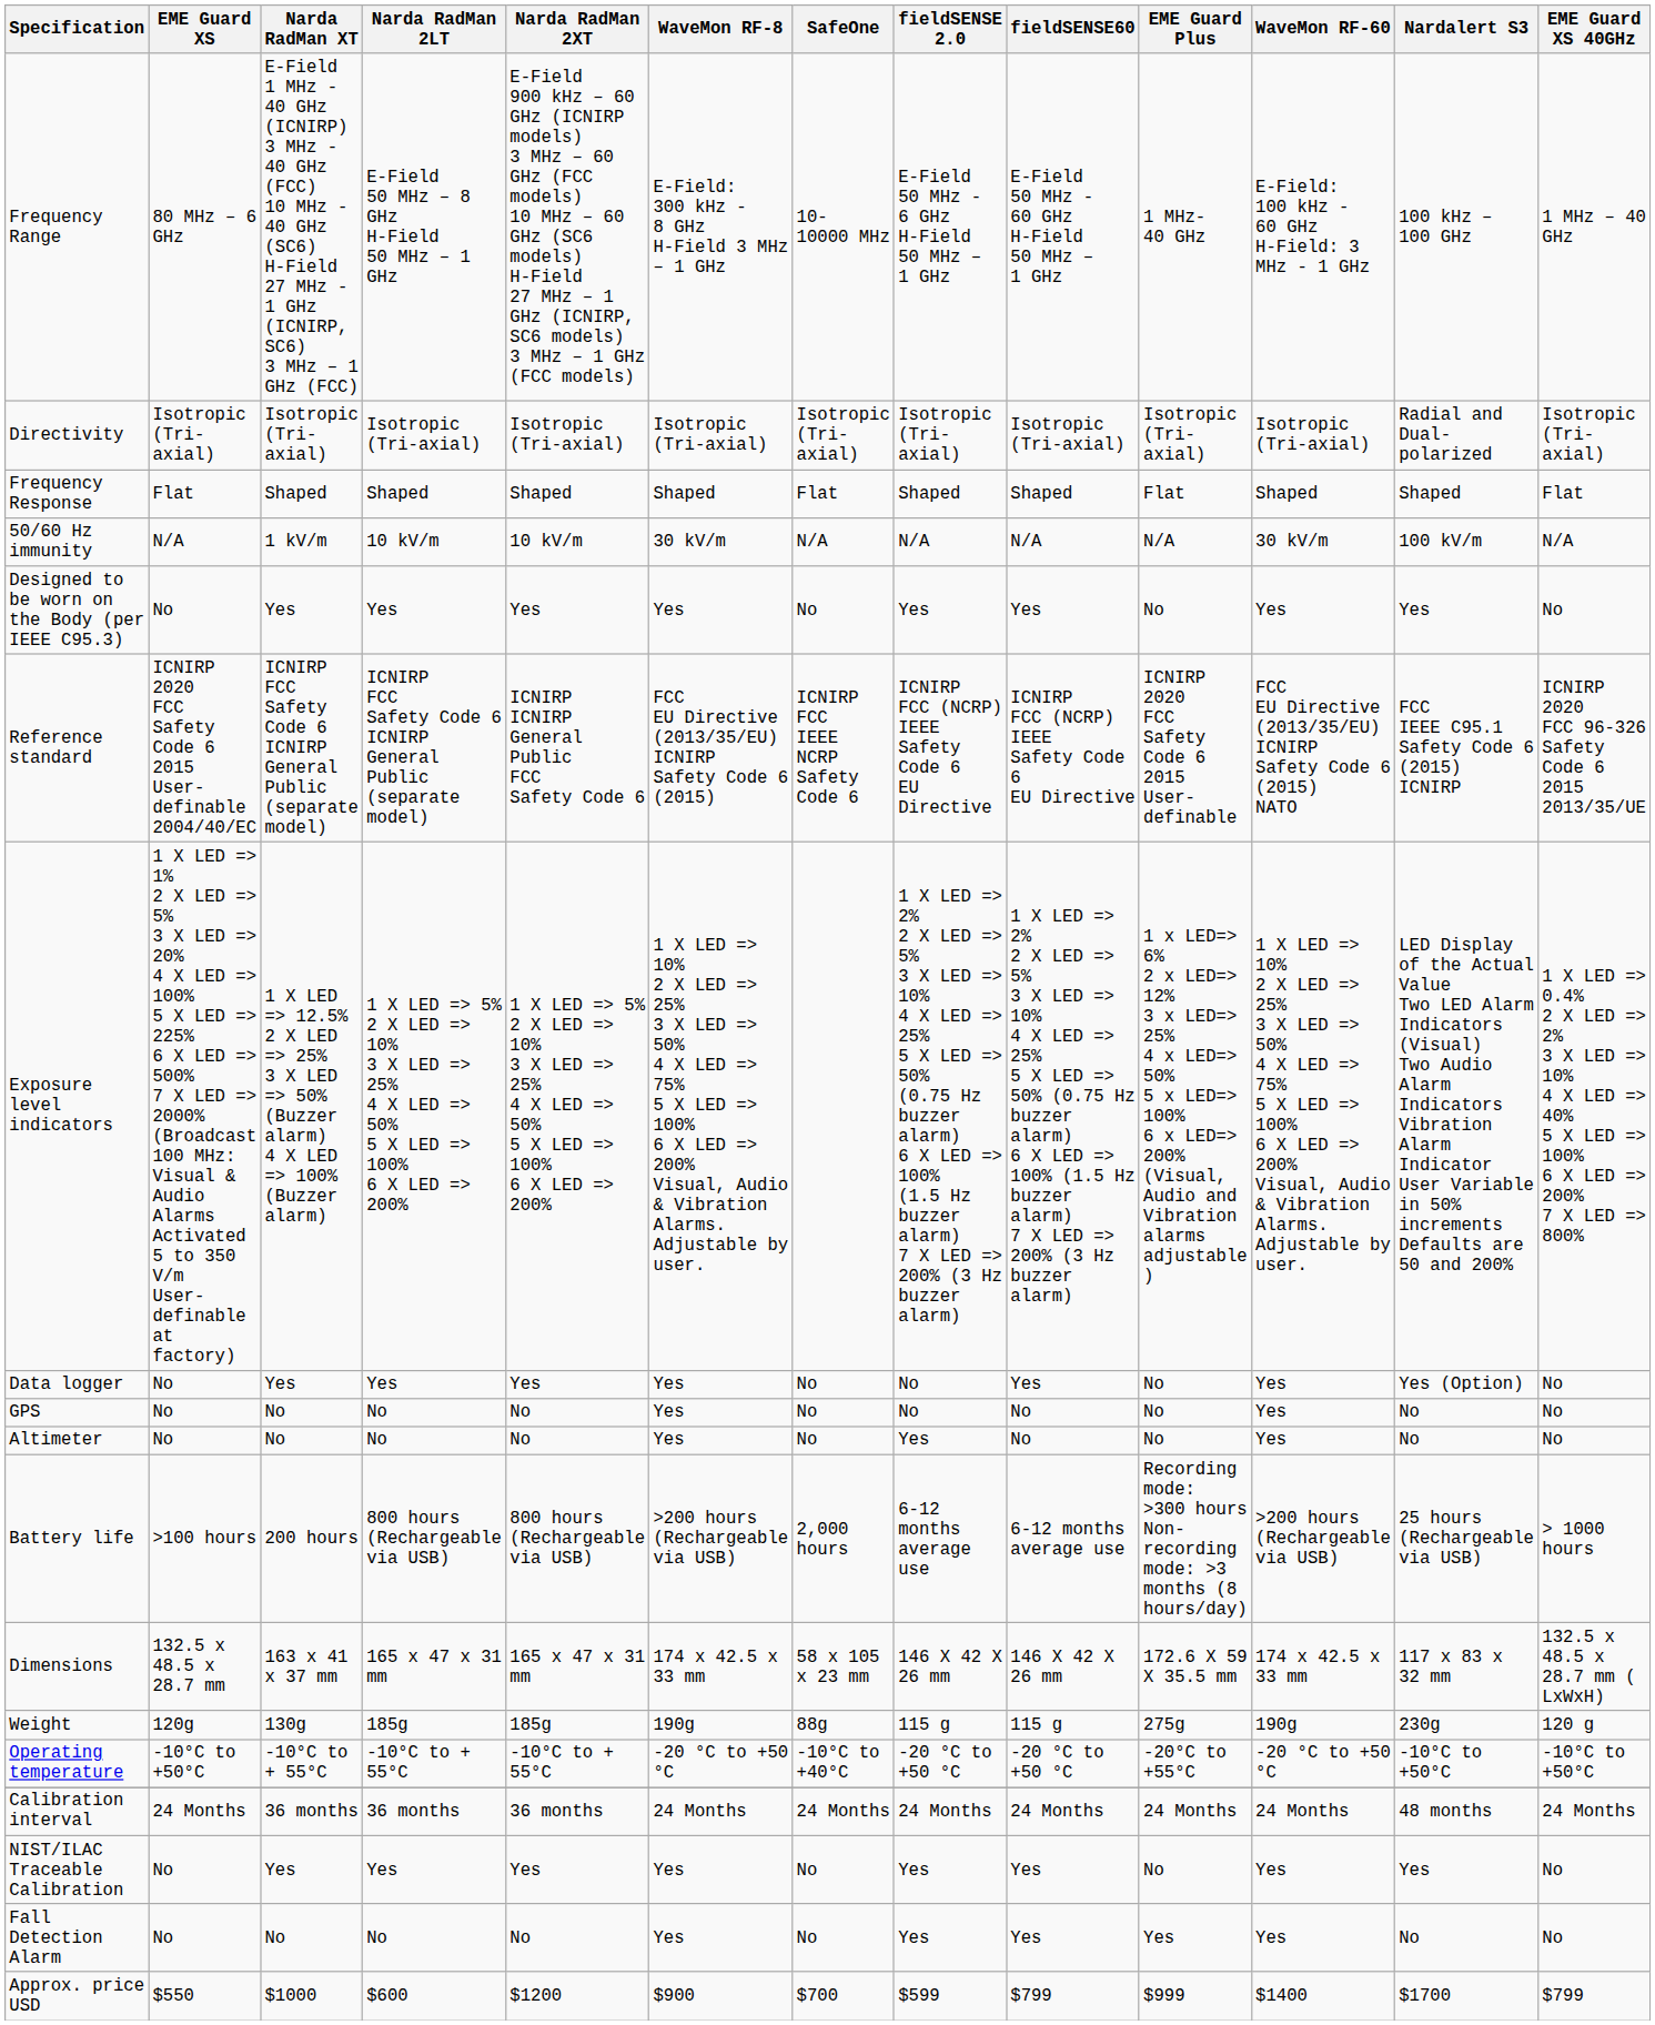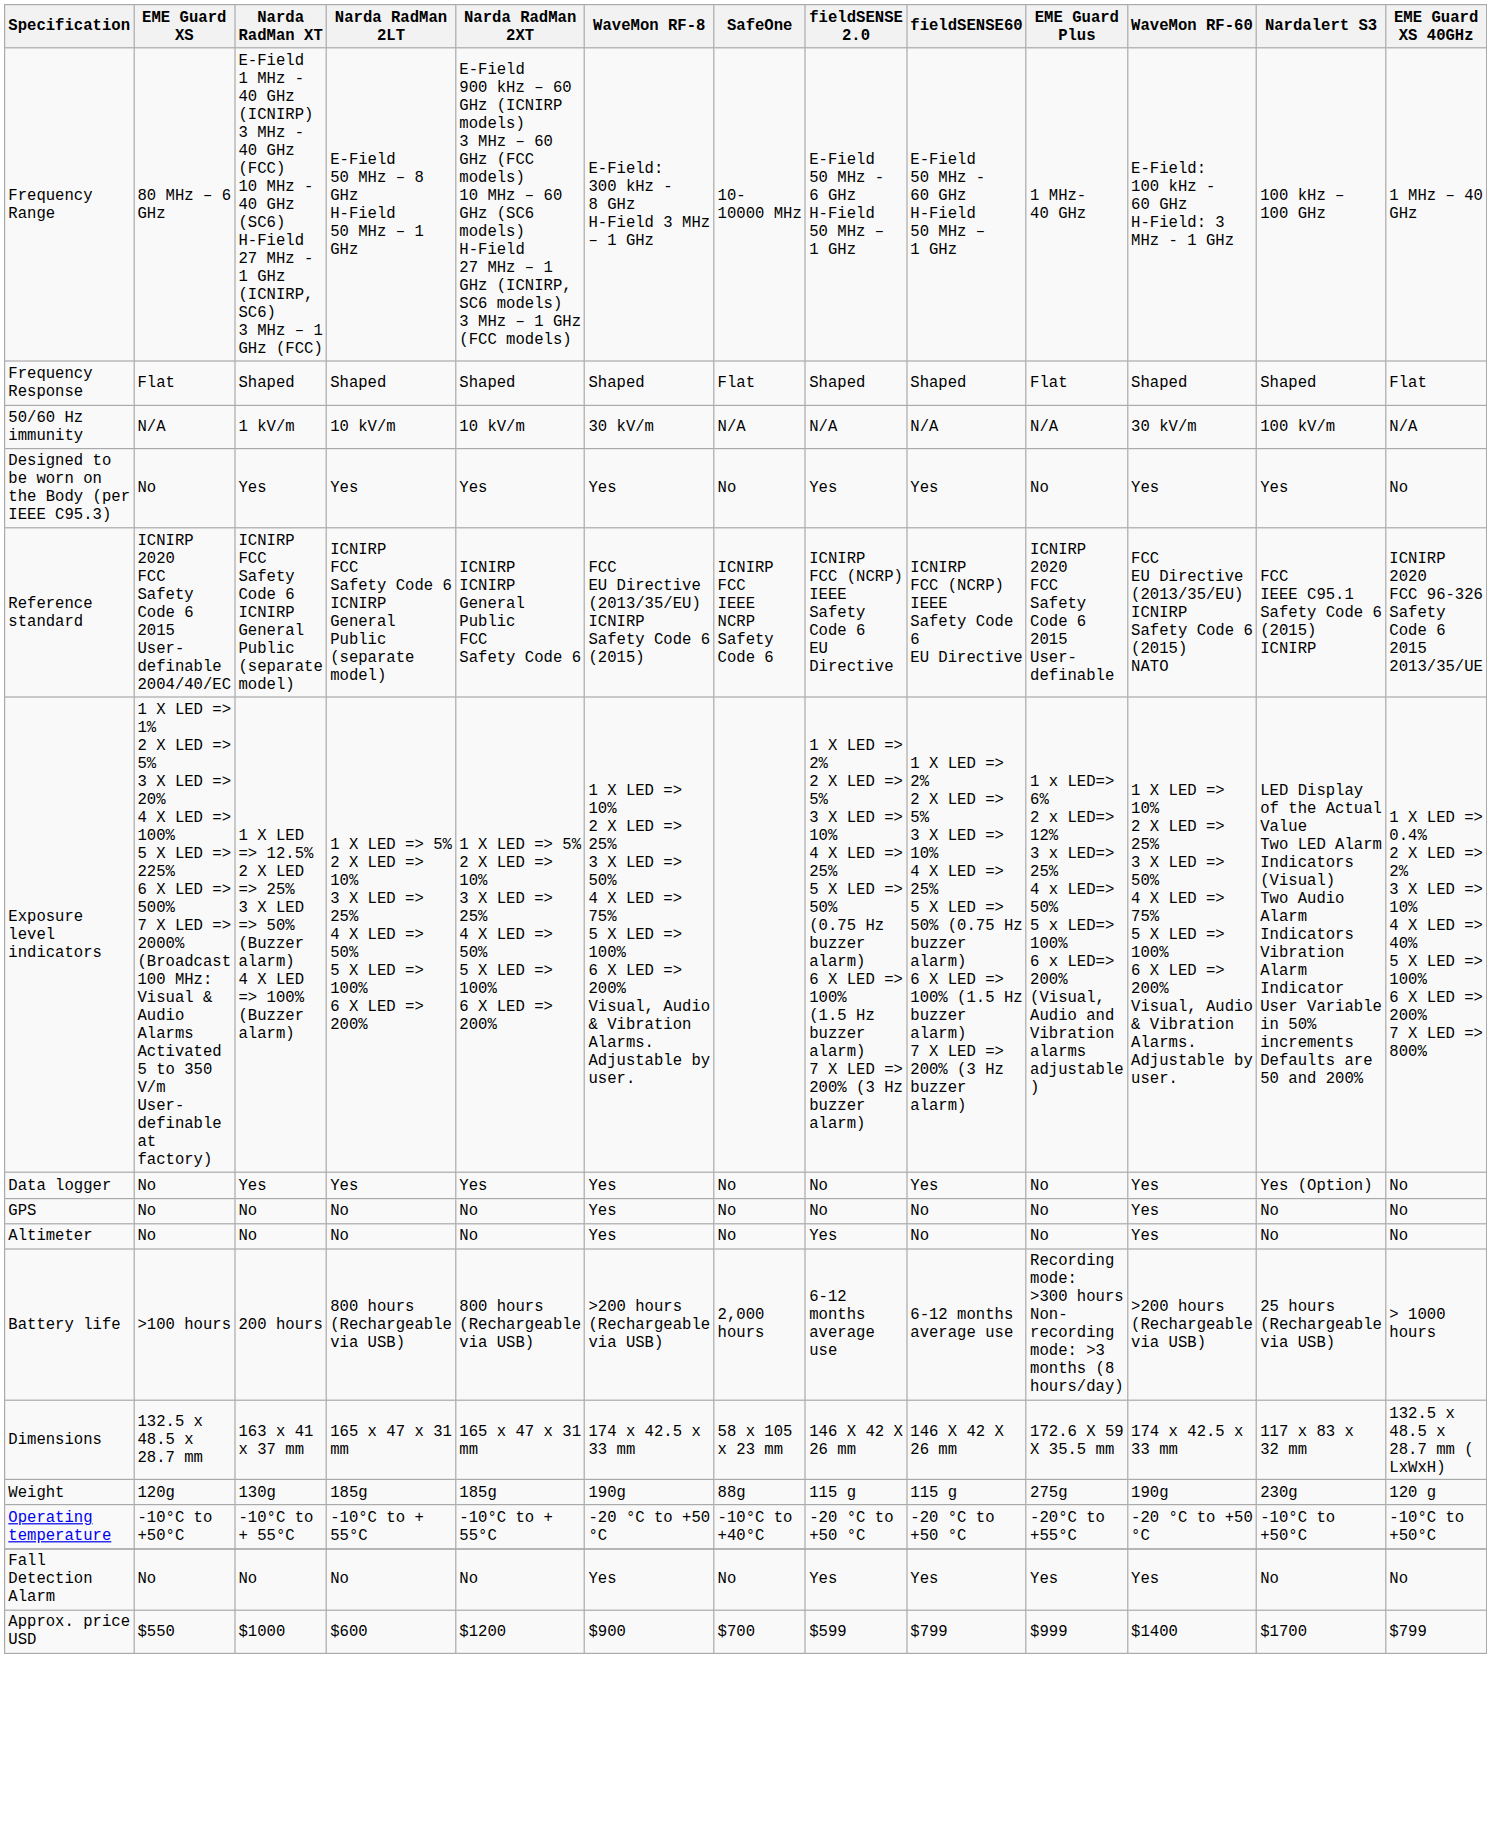 <table class="wikitable">
 <tr>
 <th>Specification</th>
 <th>EME Guard XS</th>
 <th>Narda RadMan XT</th>
 <th><strong>Narda RadMan 2LT</strong></th>
 <th><strong>Narda RadMan 2XT</strong></th>
 <th>WaveMon RF-8</th>
 <th>SafeOne</th>
 <th>fieldSENSE 2.0</th>
 <th>fieldSENSE60</th>
 <th>EME Guard Plus</th>
 <th>WaveMon RF-60</th>
 <th>Nardalert S3</th>
 <th>EME Guard XS 40GHz </th>
 </tr>
 <tr>
 <td>Frequency Range</td>
 <td>80 MHz – 6 GHz</td>
 <td>E-Field<br>1 MHz - 40 GHz (ICNIRP)<br>3 MHz - 40 GHz (FCC)<br>10 MHz - 40 GHz (SC6)<br>H-Field<br>27 MHz - 1 GHz (ICNIRP,<br>SC6)<br>3 MHz – 1 GHz (FCC)</td>
 <td>E-Field<br>50 MHz – 8 GHz<br>H-Field<br>50 MHz – 1 GHz</td>
 <td>E-Field<br>900 kHz – 60 GHz (ICNIRP models)<br>3 MHz – 60 GHz (FCC models)<br>10 MHz – 60 GHz (SC6 models)<br>H-Field<br>27 MHz – 1 GHz (ICNIRP, SC6 models)<br>3 MHz – 1 GHz (FCC models)</td>
 <td>E-Field: 300 kHz - 8 GHz<br>H-Field 3 MHz – 1 GHz</td>
 <td>10-10000 MHz</td>
 <td>E-Field 50 MHz - 6 GHz<br>H-Field 50 MHz – 1 GHz</td>
 <td>E-Field 50 MHz - 60 GHz<br>H-Field 50 MHz – 1 GHz</td>
 <td>1 MHz- 40 GHz</td>
 <td>E-Field: 100 kHz - 60 GHz<br>H-Field: 3 MHz - 1 GHz</td>
 <td>100 kHz – 100 GHz</td>
 <td>1 MHz – 40 GHz</td>
-</tr>
-<tr>
-<td>Directivity</td>
-<td>Isotropic (Tri-axial)</td>
-<td>Isotropic (Tri-axial)</td>
-<td>Isotropic (Tri-axial)</td>
-<td>Isotropic (Tri-axial)</td>
-<td>Isotropic (Tri-axial)</td>
-<td>Isotropic (Tri-axial)</td>
-<td>Isotropic (Tri-axial)</td>
-<td>Isotropic (Tri-axial)</td>
-<td>Isotropic (Tri-axial)</td>
-<td>Isotropic (Tri-axial)</td>
-<td>Radial and Dual-polarized</td>
-<td>Isotropic (Tri-axial)</td>
 </tr>
 <tr>
 <td>Frequency Response</td>
 <td>Flat</td>
 <td>Shaped</td>
 <td>Shaped</td>
 <td>Shaped</td>
 <td>Shaped</td>
 <td>Flat</td>
 <td>Shaped</td>
 <td>Shaped</td>
 <td>Flat</td>
 <td>Shaped</td>
 <td>Shaped</td>
 <td>Flat</td>
 </tr>
 <tr>
 <td>50/60 Hz immunity</td>
 <td>N/A</td>
 <td>1 kV/m</td>
 <td>10 kV/m</td>
 <td>10 kV/m</td>
 <td>30 kV/m</td>
 <td>N/A</td>
 <td>N/A</td>
 <td>N/A</td>
 <td>N/A</td>
 <td>30 kV/m</td>
 <td>100 kV/m</td>
 <td>N/A</td>
 </tr>
 <tr>
 <td>Designed to be worn on the Body (per IEEE C95.3)</td>
 <td>No</td>
 <td>Yes</td>
 <td>Yes</td>
 <td>Yes</td>
 <td>Yes</td>
 <td>No</td>
 <td>Yes</td>
 <td>Yes</td>
 <td>No</td>
 <td>Yes</td>
 <td>Yes</td>
 <td>No</td>
 </tr>
 <tr>
 <td>Reference standard</td>
 <td>ICNIRP 2020<br>FCC<br>Safety Code 6 2015<br>User-definable<br>2004/40/EC</td>
 <td>ICNIRP<br>FCC<br>Safety Code 6<br>ICNIRP General Public<br>(separate model)</td>
 <td>ICNIRP<br>FCC<br>Safety Code 6<br>ICNIRP General Public (separate model)</td>
 <td>ICNIRP<br>ICNIRP General Public<br>FCC<br>Safety Code 6</td>
 <td>FCC<br>EU Directive (2013/35/EU)<br>ICNIRP<br>Safety Code 6 (2015)</td>
 <td>ICNIRP<br>FCC<br>IEEE<br>NCRP<br>Safety Code 6</td>
 <td>ICNIRP<br>FCC (NCRP)<br>IEEE<br>Safety Code 6<br>EU Directive</td>
 <td>ICNIRP<br>FCC (NCRP)<br>IEEE<br>Safety Code 6<br>EU Directive</td>
 <td>ICNIRP 2020<br>FCC<br>Safety Code 6 2015<br>User-definable</td>
 <td>FCC<br>EU Directive (2013/35/EU)<br>ICNIRP<br>Safety Code 6 (2015)<br>NATO</td>
 <td>FCC<br>IEEE C95.1<br>Safety Code 6 (2015)<br>ICNIRP</td>
 <td>ICNIRP 2020<br>FCC 96-326 Safety Code 6 2015 2013/35/UE</td>
 </tr>
 <tr>
 <td>Exposure level indicators</td>
 <td>1 X LED => 1%<br>2 X LED => 5%<br>3 X LED => 20%<br>4 X LED => 100%<br>5 X LED => 225%<br>6 X LED => 500%<br>7 X LED => 2000%<br>(Broadcast 100 MHz: Visual & Audio Alarms<br>Activated 5 to 350 V/m<br>User-definable at factory)</td>
 <td>1 X LED => 12.5%<br>2 X LED => 25%<br>3 X LED => 50% (Buzzer alarm)<br>4 X LED => 100% (Buzzer alarm)</td>
 <td>1 X LED => 5%<br>2 X LED => 10%<br>3 X LED => 25%<br>4 X LED => 50%<br>5 X LED => 100%<br>6 X LED => 200%</td>
 <td>1 X LED => 5%<br>2 X LED => 10%<br>3 X LED => 25%<br>4 X LED => 50%<br>5 X LED => 100%<br>6 X LED => 200%</td>
 <td>1 X LED => 10%<br>2 X LED => 25%<br>3 X LED => 50%<br>4 X LED => 75%<br>5 X LED => 100%<br>6 X LED => 200%<br>Visual, Audio & Vibration Alarms.<br>Adjustable by user.</td>
 <td></td>
 <td>1 X LED => 2%<br>2 X LED => 5%<br>3 X LED => 10%<br>4 X LED => 25%<br>5 X LED => 50% (0.75 Hz buzzer alarm)<br>6 X LED => 100% (1.5 Hz buzzer alarm)<br>7 X LED => 200% (3 Hz buzzer alarm)</td>
 <td>1 X LED => 2%<br>2 X LED => 5%<br>3 X LED => 10%<br>4 X LED => 25%<br>5 X LED => 50% (0.75 Hz buzzer alarm)<br>6 X LED => 100% (1.5 Hz buzzer alarm)<br>7 X LED => 200% (3 Hz buzzer alarm)</td>
 <td>1 x LED=> 6%<br>2 x LED=> 12%<br>3 x LED=> 25%<br>4 x LED=> 50%<br>5 x LED=> 100%<br>6 x LED=> 200%<br>(Visual, Audio and Vibration alarms adjustable )</td>
 <td>1 X LED => 10%<br>2 X LED => 25%<br>3 X LED => 50%<br>4 X LED => 75%<br>5 X LED => 100%<br>6 X LED => 200%<br>Visual, Audio & Vibration Alarms.<br>Adjustable by user.</td>
 <td>LED Display of the Actual Value<br>Two LED Alarm Indicators (Visual)<br>Two Audio Alarm Indicators<br>Vibration Alarm Indicator<br>User Variable in 50% increments<br>Defaults are 50 and 200%</td>
 <td>1 X LED => 0.4%<br>2 X LED => 2%<br>3 X LED => 10%<br>4 X LED => 40%<br>5 X LED => 100%<br>6 X LED => 200%<br>7 X LED => 800%</td>
 </tr>
 <tr>
 <td>Data logger</td>
 <td>No</td>
 <td>Yes</td>
 <td>Yes</td>
 <td>Yes</td>
 <td>Yes</td>
 <td>No</td>
 <td>No</td>
 <td>Yes</td>
 <td>No</td>
 <td>Yes</td>
 <td>Yes (Option)</td>
 <td>No</td>
 </tr>
 <tr>
 <td>GPS</td>
 <td>No</td>
 <td>No</td>
 <td>No</td>
 <td>No</td>
 <td>Yes</td>
 <td>No</td>
 <td>No</td>
 <td>No</td>
 <td>No</td>
 <td>Yes</td>
 <td>No</td>
 <td>No</td>
 </tr>
 <tr>
 <td>Altimeter</td>
 <td>No</td>
 <td>No</td>
 <td>No</td>
 <td>No</td>
 <td>Yes</td>
 <td>No</td>
 <td>Yes</td>
 <td>No</td>
 <td>No</td>
 <td>Yes</td>
 <td>No</td>
 <td>No</td>
 </tr>
 <tr>
 <td>Battery life</td>
 <td>>100 hours</td>
 <td>200 hours</td>
 <td>800 hours<br>(Rechargeable via USB)</td>
 <td>800 hours<br>(Rechargeable via USB)</td>
 <td>>200 hours (Rechargeable via USB)</td>
 <td>2,000 hours</td>
 <td>6-12 months average use</td>
 <td 6 to 12 months on ave usage>6-12 months average use</td>
 <td>Recording mode:<br>>300 hours<br>Non-recording mode: >3 months (8 hours/day)</td>
 <td>>200 hours (Rechargeable via USB)</td>
 <td>25 hours (Rechargeable via USB)</td>
 <td>> 1000 hours</td>
 </tr>
 <tr>
 <td>Dimensions</td>
 <td>132.5 x 48.5 x 28.7 mm</td>
 <td>163 x 41 x 37 mm</td>
 <td>165 x 47 x 31 mm</td>
 <td>165 x 47 x 31 mm</td>
 <td>174 x 42.5 x 33 mm</td>
 <td>58 x 105 x 23 mm</td>
 <td>146 X 42 X 26 mm</td>
 <td>146 X 42 X 26 mm</td>
 <td>172.6 X 59 X 35.5 mm</td>
 <td>174 x 42.5 x 33 mm</td>
 <td>117 x 83 x 32 mm</td>
 <td>132.5 x 48.5 x 28.7 mm ( LxWxH)</td>
 </tr>
 <tr>
 <td>Weight</td>
 <td>120g</td>
 <td>130g</td>
 <td>185g</td>
 <td>185g</td>
 <td>190g</td>
 <td>88g</td>
 <td>115 g</td>
 <td>115 g</td>
 <td>275g</td>
 <td>190g</td>
 <td>230g</td>
 <td>120 g</td>
 </tr>
 <tr>
 <td><a href='#'>Operating temperature</a></td>
 <td>-10°C to +50°C</td>
 <td>-10°C to + 55°C</td>
 <td>-10°C to + 55°C</td>
 <td>-10°C to + 55°C</td>
 <td>-20 °C to +50 °C</td>
 <td>-10°C to +40°C</td>
 <td>-20 °C to +50 °C</td>
 <td>-20 °C to +50 °C</td>
 <td>-20°C to +55°C</td>
 <td>-20 °C to +50 °C</td>
 <td>-10°C to +50°C</td>
 <td>-10°C to +50°C</td>
 </tr>
 <tr 10°C to 50°C||>
 </tr>
 <tr>
-<td>Calibration interval</td>
-<td>24 Months</td>
-<td>36 months</td>
-<td>36 months</td>
-<td>36 months</td>
-<td>24 Months</td>
-<td>24 Months</td>
-<td>24 Months</td>
-<td>24 Months</td>
-<td>24 Months</td>
-<td>24 Months</td>
-<td>48 months</td>
-<td>24 Months</td>
-</tr>
-<tr>
-<td>NIST/ILAC Traceable Calibration</td>
-<td>No</td>
-<td>Yes</td>
-<td>Yes</td>
-<td>Yes</td>
-<td>Yes</td>
-<td>No</td>
-<td>Yes</td>
-<td>Yes</td>
-<td>No</td>
-<td>Yes</td>
-<td>Yes</td>
-<td>No</td>
-</tr>
-<tr>
 <td>Fall Detection Alarm</td>
 <td>No</td>
 <td>No</td>
 <td>No</td>
 <td>No</td>
 <td>Yes</td>
 <td>No</td>
 <td>Yes</td>
 <td>Yes</td>
 <td>Yes</td>
 <td>Yes</td>
 <td>No</td>
 <td>No</td>
 </tr>
 <tr>
 <td>Approx. price USD</td>
 <td>$550</td>
 <td>$1000</td>
 <td>$600</td>
 <td>$1200</td>
 <td>$900</td>
 <td>$700</td>
 <td>$599</td>
 <td>$799</td>
 <td>$999</td>
 <td>$1400</td>
 <td>$1700</td>
 <td>$799</td>
 </tr>
 </table>
